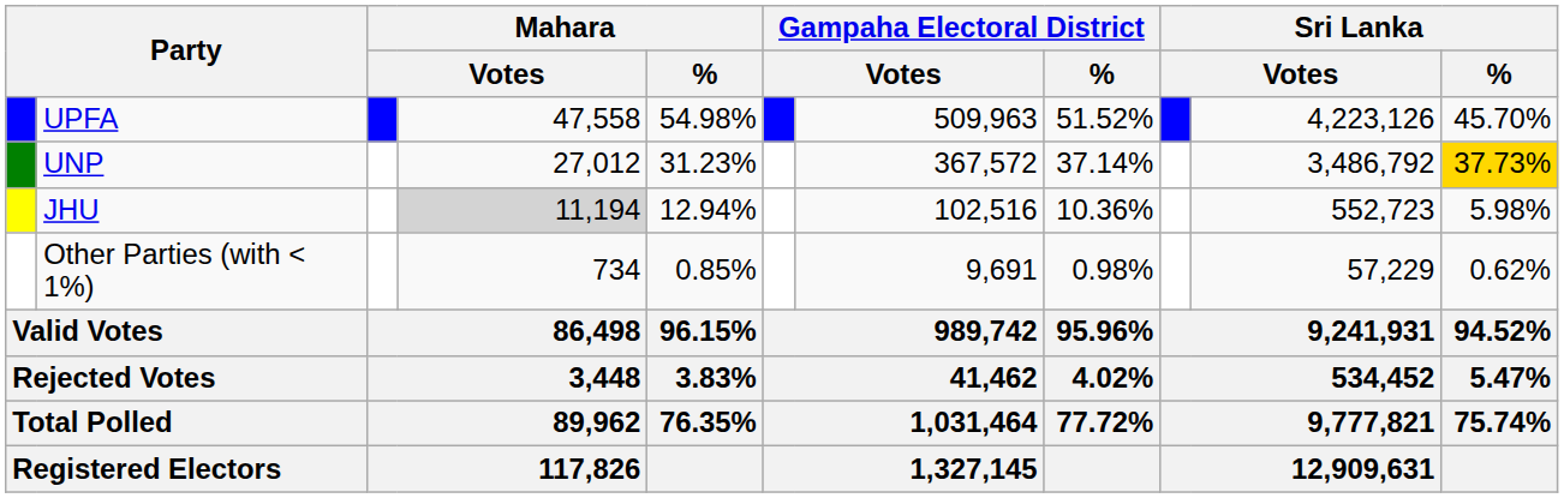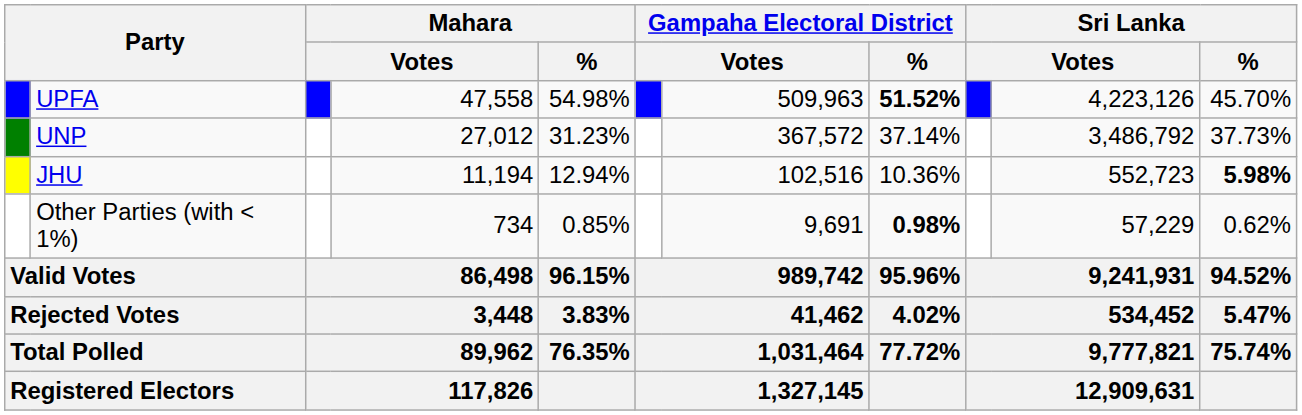 <table class="wikitable">
 <tr>
 <th colspan="2" width="144px"rowspan="2">Party</th>
 <th colspan="3" width="216px">Mahara</th>
 <th colspan="3" width="216px"><a href='#'>Gampaha Electoral District</a></th>
 <th colspan="3" width="216px">Sri Lanka</th>
 </tr>
 <tr>
 <th colspan="2" width="144px">Votes</th>
 <th>%</th>
 <th colspan="2" width="144px">Votes</th>
 <th>%</th>
 <th colspan="2" width="144px">Votes</th>
 <th>%</th>
 </tr>
 <tr>
 <td style="background-color:blue;" width="10px"></td>
 <td style="text-align:left;"><a href='#'>UPFA</a></td>
 <td style="background-color:blue;" width="10px"></td>
 <td style="text-align:right;">47,558</td>
 <td style="text-align:right;">54.98%</td>
 <td style="background-color:blue;" width="10px"></td>
 <td style="text-align:right;">509,963</td>
-<td style="text-align:right;">51.52%</td>
+<td style="text-align:right;"><strong>51.52%</strong></td>
 <td style="background-color:blue;" width="10px"></td>
 <td style="text-align:right;">4,223,126</td>
 <td style="text-align:right;">45.70%</td>
 </tr>
 <tr>
 <td style="background-color:green;" width="10px"></td>
 <td style="text-align:left;"><a href='#'>UNP</a></td>
 <td style="background-color:white;" width="10px"></td>
 <td style="text-align:right;">27,012</td>
 <td style="text-align:right;">31.23%</td>
 <td style="background-color:white;" width="10px"></td>
 <td style="text-align:right;">367,572</td>
 <td style="text-align:right;">37.14%</td>
 <td style="background-color:white;" width="10px"></td>
 <td style="text-align:right;">3,486,792</td>
-<td style="background: gold; text-align:right;">37.73%</td>
+<td style="text-align:right;">37.73%</td>
 </tr>
 <tr>
 <td style="background-color:yellow;" width="10px"></td>
 <td style="text-align:left;"><a href='#'>JHU</a></td>
 <td style="background-color:white;" width="10px"></td>
-<td style="background: lightgrey; text-align:right;">11,194</td>
+<td style="text-align:right;">11,194</td>
 <td style="text-align:right;">12.94%</td>
 <td style="background-color:white;" width="10px"></td>
 <td style="text-align:right;">102,516</td>
 <td style="text-align:right;">10.36%</td>
 <td style="background-color:white;" width="10px"></td>
 <td style="text-align:right;">552,723</td>
-<td style="text-align:right;">5.98%</td>
+<td style="text-align:right;"><strong>5.98%</strong></td>
 </tr>
 <tr>
 <td style="background-color:white;" width="10px"></td>
 <td style="text-align:left;">Other Parties (with < 1%)</td>
 <td style="background-color:white;" width="10px"></td>
 <td style="text-align:right;">734</td>
 <td style="text-align:right;">0.85%</td>
 <td style="background-color:white;" width="10px"></td>
 <td style="text-align:right;">9,691</td>
-<td style="text-align:right;">0.98%</td>
+<td style="text-align:right;"><strong>0.98%</strong></td>
 <td style="background-color:white;" width="10px"></td>
 <td style="text-align:right;">57,229</td>
 <td style="text-align:right;">0.62%</td>
 </tr>
 <tr>
 <th colspan="2" width="144px"style="text-align:left;">Valid Votes</th>
 <th style="text-align:right;"colspan="2" width="144px">86,498</th>
 <th style="text-align:right;">96.15%</th>
 <th style="text-align:right;"colspan="2" width="144px">989,742</th>
 <th style="text-align:right;">95.96%</th>
 <th style="text-align:right;"colspan="2" width="144px">9,241,931</th>
 <th style="text-align:right;">94.52%</th>
 </tr>
 <tr>
 <th colspan="2" width="144px"style="text-align:left;">Rejected Votes</th>
 <th style="text-align:right;"colspan="2" width="144px">3,448</th>
 <th style="text-align:right;">3.83%</th>
 <th style="text-align:right;"colspan="2" width="144px">41,462</th>
 <th style="text-align:right;">4.02%</th>
 <th style="text-align:right;"colspan="2" width="144px">534,452</th>
 <th style="text-align:right;">5.47%</th>
 </tr>
 <tr>
 <th colspan="2" width="144px"style="text-align:left;">Total Polled</th>
 <th style="text-align:right;"colspan="2" width="144px">89,962</th>
 <th style="text-align:right;">76.35%</th>
 <th style="text-align:right;"colspan="2" width="144px">1,031,464</th>
 <th style="text-align:right;">77.72%</th>
 <th style="text-align:right;"colspan="2" width="144px">9,777,821</th>
 <th style="text-align:right;">75.74%</th>
 </tr>
 <tr>
 <th colspan="2" width="144px"style="text-align:left;">Registered Electors</th>
 <th style="text-align:right;"colspan="2" width="144px">117,826</th>
 <th></th>
 <th style="text-align:right;"colspan="2" width="144px">1,327,145</th>
 <th></th>
 <th style="text-align:right;"colspan="2" width="144px">12,909,631</th>
 <th></th>
 </tr>
 </table>
